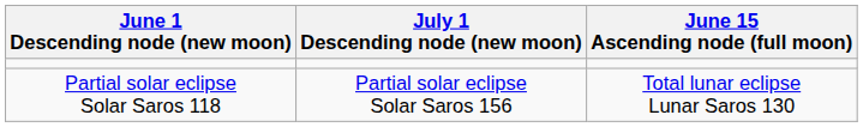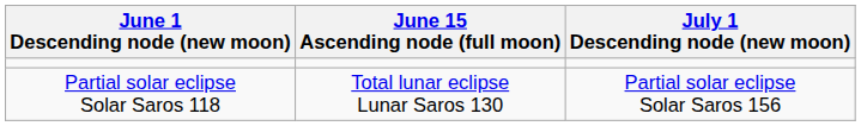 <table class="wikitable">
 <tr>
 <th><a href='#'>June 1</a><br>Descending node (new moon)<br></th>
+<th><a href='#'>June 15</a><br>Ascending node (full moon)<br></th>
 <th><a href='#'>July 1</a><br>Descending node (new moon)<br></th>
-<th><a href='#'>June 15</a><br>Ascending node (full moon)<br></th>
 </tr>
 <tr>
 <td></td>
 <td></td>
 <td></td>
 </tr>
 <tr align=center>
 <td><a href='#'>Partial solar eclipse</a><br>Solar Saros 118</td>
+<td><a href='#'>Total lunar eclipse</a><br>Lunar Saros 130</td>
 <td><a href='#'>Partial solar eclipse</a><br>Solar Saros 156</td>
-<td><a href='#'>Total lunar eclipse</a><br>Lunar Saros 130</td>
 </tr>
 </table>
